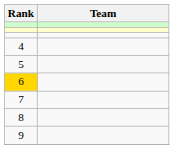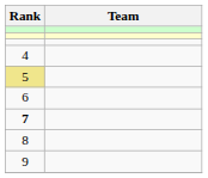 <table class="wikitable" style="text-align: center;">
 <tr>
 <th width=40>Rank</th>
 <th width=180>Team</th>
 </tr>
 <tr bgcolor=#ccffcc align=center>
 <td></td>
 <td style="text-align:left;"></td>
 </tr>
 <tr bgcolor=#ffffcc align=center>
 <td></td>
 <td style="text-align:left;"></td>
 </tr>
 <tr align=center>
 <td></td>
 <td style="text-align:left;"></td>
 </tr>
 <tr align=center>
 <td>4</td>
 <td style="text-align:left;"></td>
 </tr>
 <tr align=center>
-<td>5</td>
+<td style="background: khaki;">5</td>
 <td style="text-align:left;"></td>
 </tr>
 <tr align=center>
-<td style="background: gold;">6</td>
+<td>6</td>
 <td style="text-align:left;"></td>
 </tr>
 <tr align=center>
-<td>7</td>
+<td><strong>7</strong></td>
 <td style="text-align:left;"></td>
 </tr>
 <tr aling=center>
 <td>8</td>
 <td style="text-align:left;"></td>
 </tr>
 <tr aling=center>
 <td>9</td>
 <td style="text-align:left;"></td>
 </tr>
 <tr aling=center>
 </tr>
 </table>
